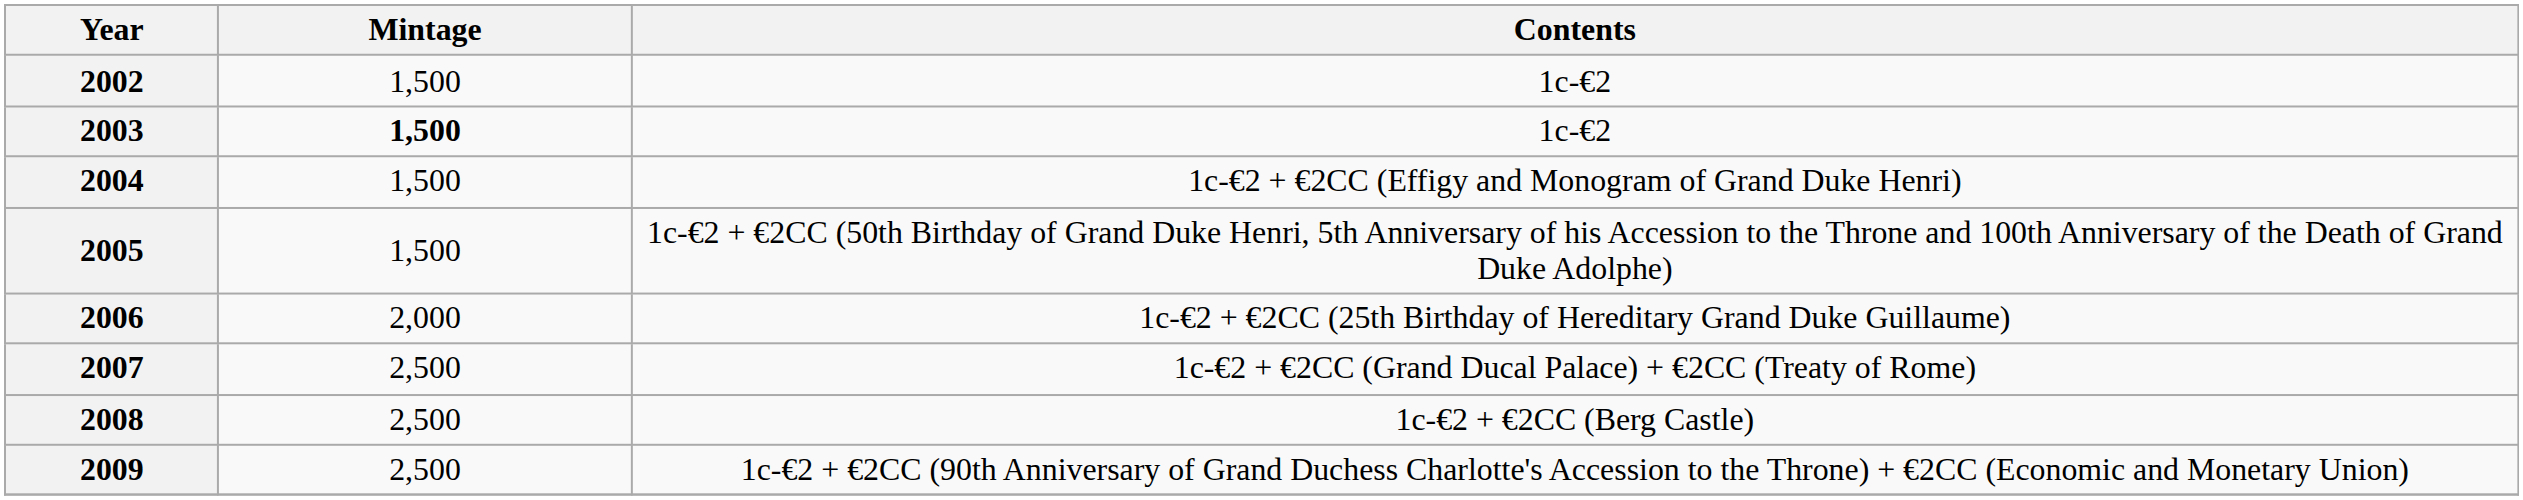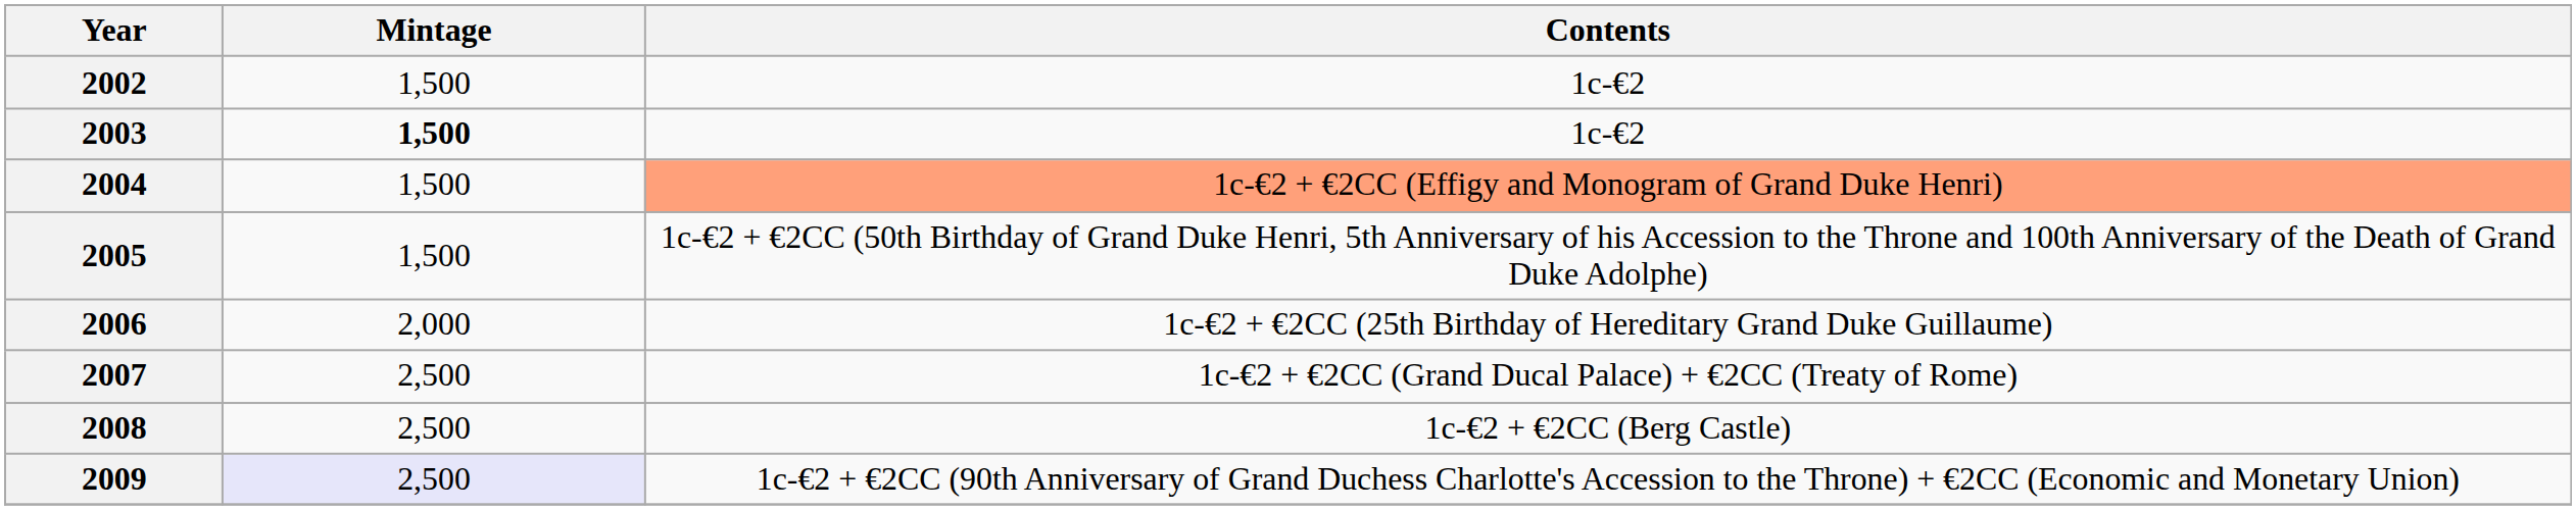 <table class="wikitable" style="width:100%;text-align:center">
 <tr>
 <th width=100px>Year</th>
 <th width=200px>Mintage</th>
 <th>Contents</th>
 </tr>
 <tr>
 <th>2002</th>
 <td>1,500</td>
 <td>1c-€2</td>
 </tr>
 <tr>
 <th>2003</th>
 <td><strong>1,500</strong></td>
 <td>1c-€2</td>
 </tr>
 <tr>
 <th>2004</th>
 <td>1,500</td>
-<td>1c-€2 + €2CC (Effigy and Monogram of Grand Duke Henri)</td>
+<td style="background: lightsalmon;">1c-€2 + €2CC (Effigy and Monogram of Grand Duke Henri)</td>
 </tr>
 <tr>
 <th>2005</th>
 <td>1,500</td>
 <td>1c-€2 + €2CC (50th Birthday of Grand Duke Henri, 5th Anniversary of his Accession to the Throne and 100th Anniversary of the Death of Grand Duke Adolphe)</td>
 </tr>
 <tr>
 <th>2006</th>
 <td>2,000</td>
 <td>1c-€2 + €2CC (25th Birthday of Hereditary Grand Duke Guillaume)</td>
 </tr>
 <tr>
 <th>2007</th>
 <td>2,500</td>
 <td>1c-€2 + €2CC (Grand Ducal Palace) + €2CC (Treaty of Rome)</td>
 </tr>
 <tr>
 <th>2008</th>
 <td>2,500</td>
 <td>1c-€2 + €2CC (Berg Castle)</td>
 </tr>
 <tr>
 <th>2009</th>
-<td>2,500</td>
+<td style="background: lavender;">2,500</td>
 <td>1c-€2 + €2CC (90th Anniversary of Grand Duchess Charlotte's Accession to the Throne) + €2CC (Economic and Monetary Union)</td>
 </tr>
 <tr>
 </tr>
 </table>
